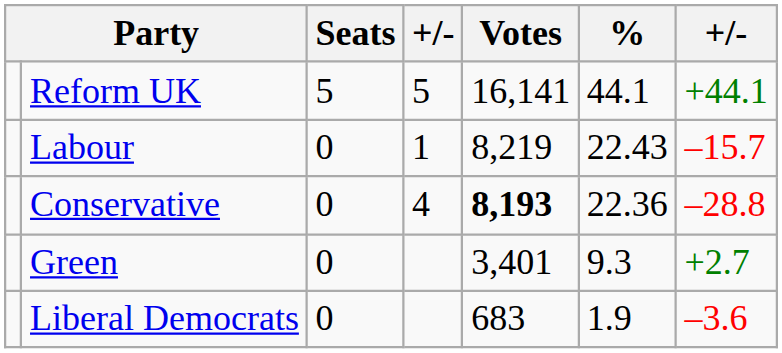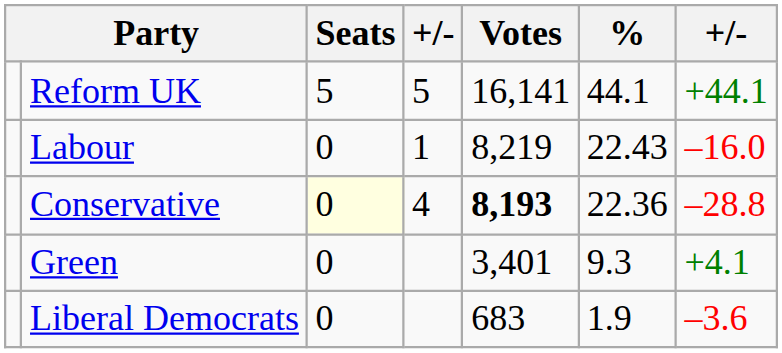 <table class="wikitable">
 <tr>
 <th colspan="2">Party</th>
 <th>Seats</th>
 <th>+/-</th>
 <th>Votes</th>
 <th>%</th>
 <th>+/-</th>
 </tr>
 <tr>
 <td style="background-color: "></td>
 <td><a href='#'>Reform UK</a></td>
 <td>5</td>
 <td> 5</td>
 <td>16,141</td>
 <td>44.1</td>
 <td style="color:green">+44.1</td>
 </tr>
 <tr>
 <td style="background-color: "></td>
 <td><a href='#'>Labour</a></td>
 <td>0</td>
 <td> 1</td>
 <td>8,219</td>
 <td>22.43</td>
-<td style="color:red">–15.7</td>
+<td style="color:red">–16.0</td>
 </tr>
 <tr>
 <td style="background-color: "></td>
 <td><a href='#'>Conservative</a></td>
-<td>0</td>
+<td style="background: lightyellow;">0</td>
 <td> 4</td>
 <td><strong>8,193</strong></td>
 <td>22.36</td>
 <td style="color:red">–28.8</td>
 </tr>
 <tr>
 <td style="background-color: "></td>
 <td><a href='#'>Green</a></td>
 <td>0</td>
 <td></td>
 <td>3,401</td>
 <td>9.3</td>
-<td style="color:green">+2.7</td>
+<td style="color:green">+4.1</td>
 </tr>
 <tr>
 <td style="background-color: "></td>
 <td><a href='#'>Liberal Democrats</a></td>
 <td>0</td>
 <td></td>
 <td>683</td>
 <td>1.9</td>
 <td style="color:red">–3.6</td>
 </tr>
 </table>
